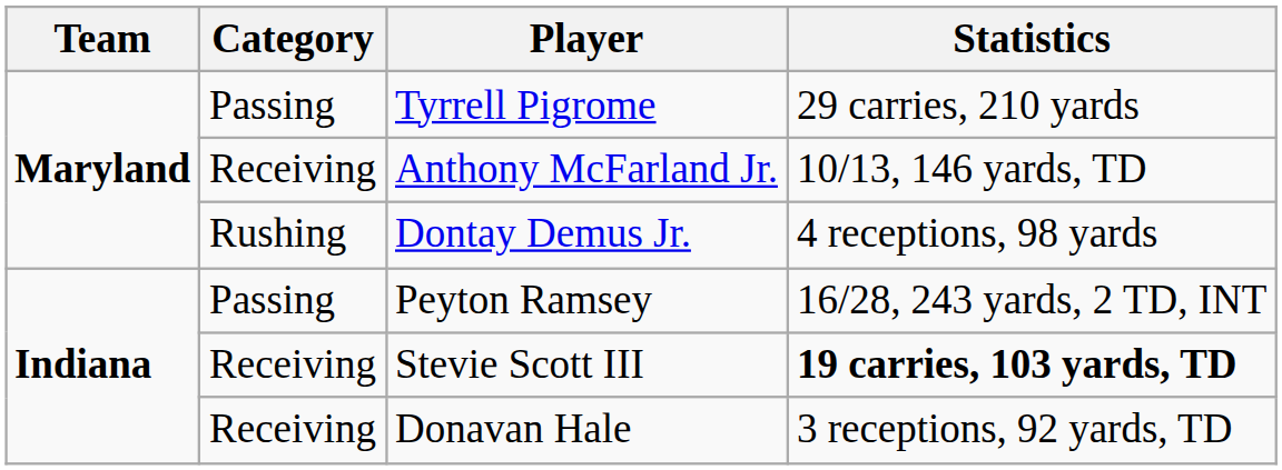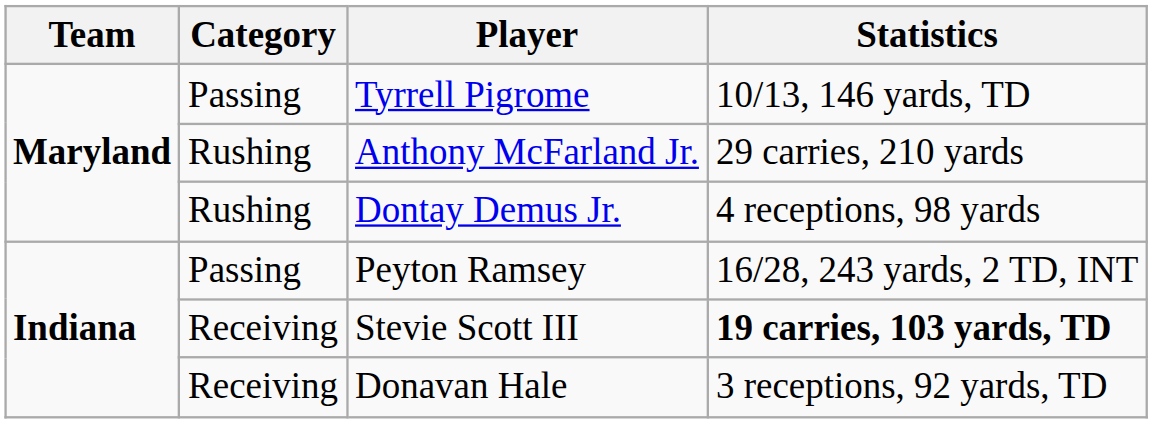 <table class="wikitable" style="float: right;">
 <tr>
 <th>Team</th>
 <th>Category</th>
 <th>Player</th>
 <th>Statistics</th>
 </tr>
 <tr>
 <td rowspan=3><strong>Maryland</strong></td>
 <td>Passing</td>
 <td><a href='#'>Tyrrell Pigrome</a></td>
-<td>29 carries, 210 yards</td>
+<td>10/13, 146 yards, TD</td>
 </tr>
 <tr>
-<td>Receiving</td>
+<td>Rushing</td>
 <td><a href='#'>Anthony McFarland Jr.</a></td>
-<td>10/13, 146 yards, TD</td>
+<td>29 carries, 210 yards</td>
 </tr>
 <tr>
 <td>Rushing</td>
 <td><a href='#'>Dontay Demus Jr.</a></td>
 <td>4 receptions, 98 yards</td>
 </tr>
 <tr>
 <td rowspan=3><strong>Indiana</strong></td>
 <td>Passing</td>
 <td>Peyton Ramsey</td>
 <td>16/28, 243 yards, 2 TD, INT</td>
 </tr>
 <tr>
 <td>Receiving</td>
 <td>Stevie Scott III</td>
 <td><strong>19 carries, 103 yards, TD</strong></td>
 </tr>
 <tr>
 <td>Receiving</td>
 <td>Donavan Hale</td>
 <td>3 receptions, 92 yards, TD</td>
 </tr>
 </table>
